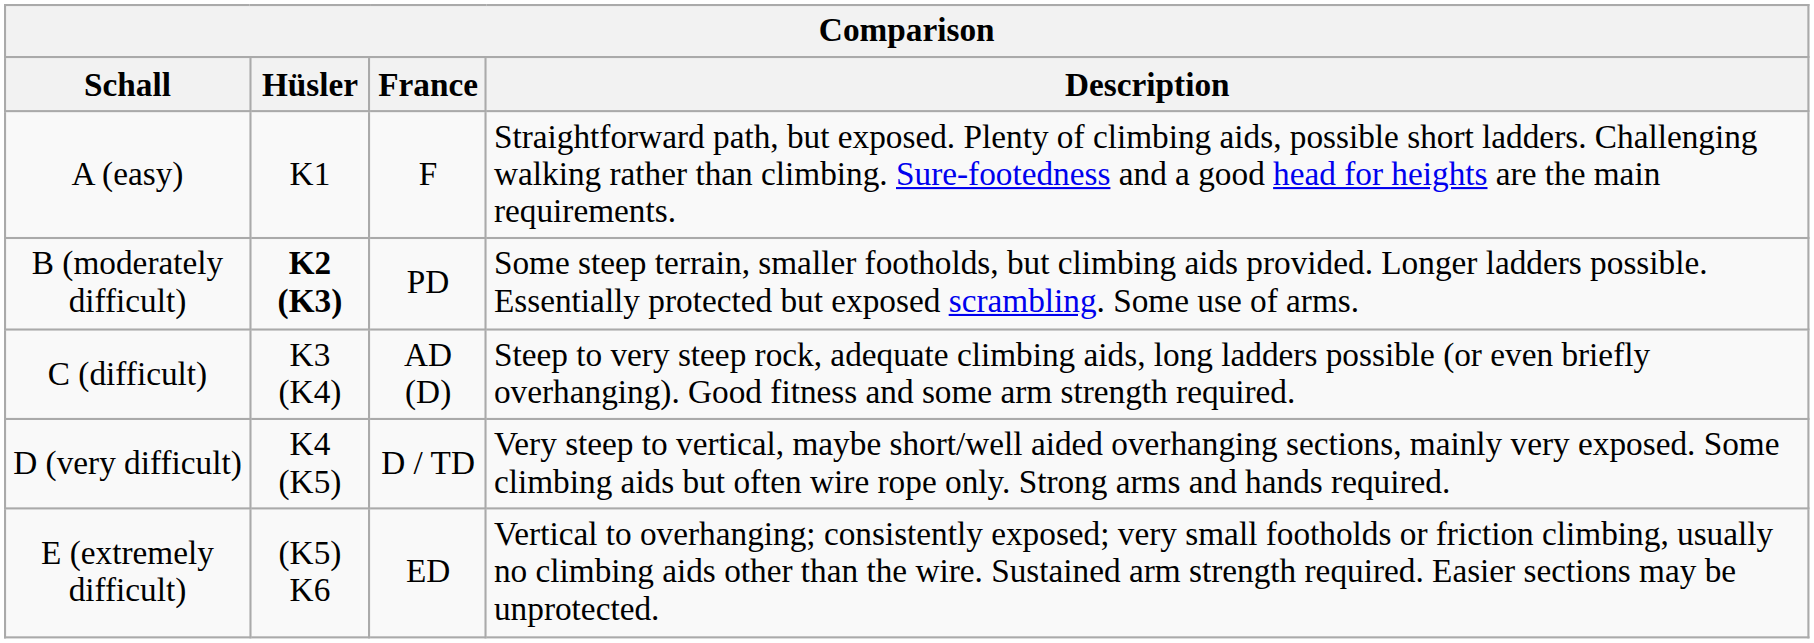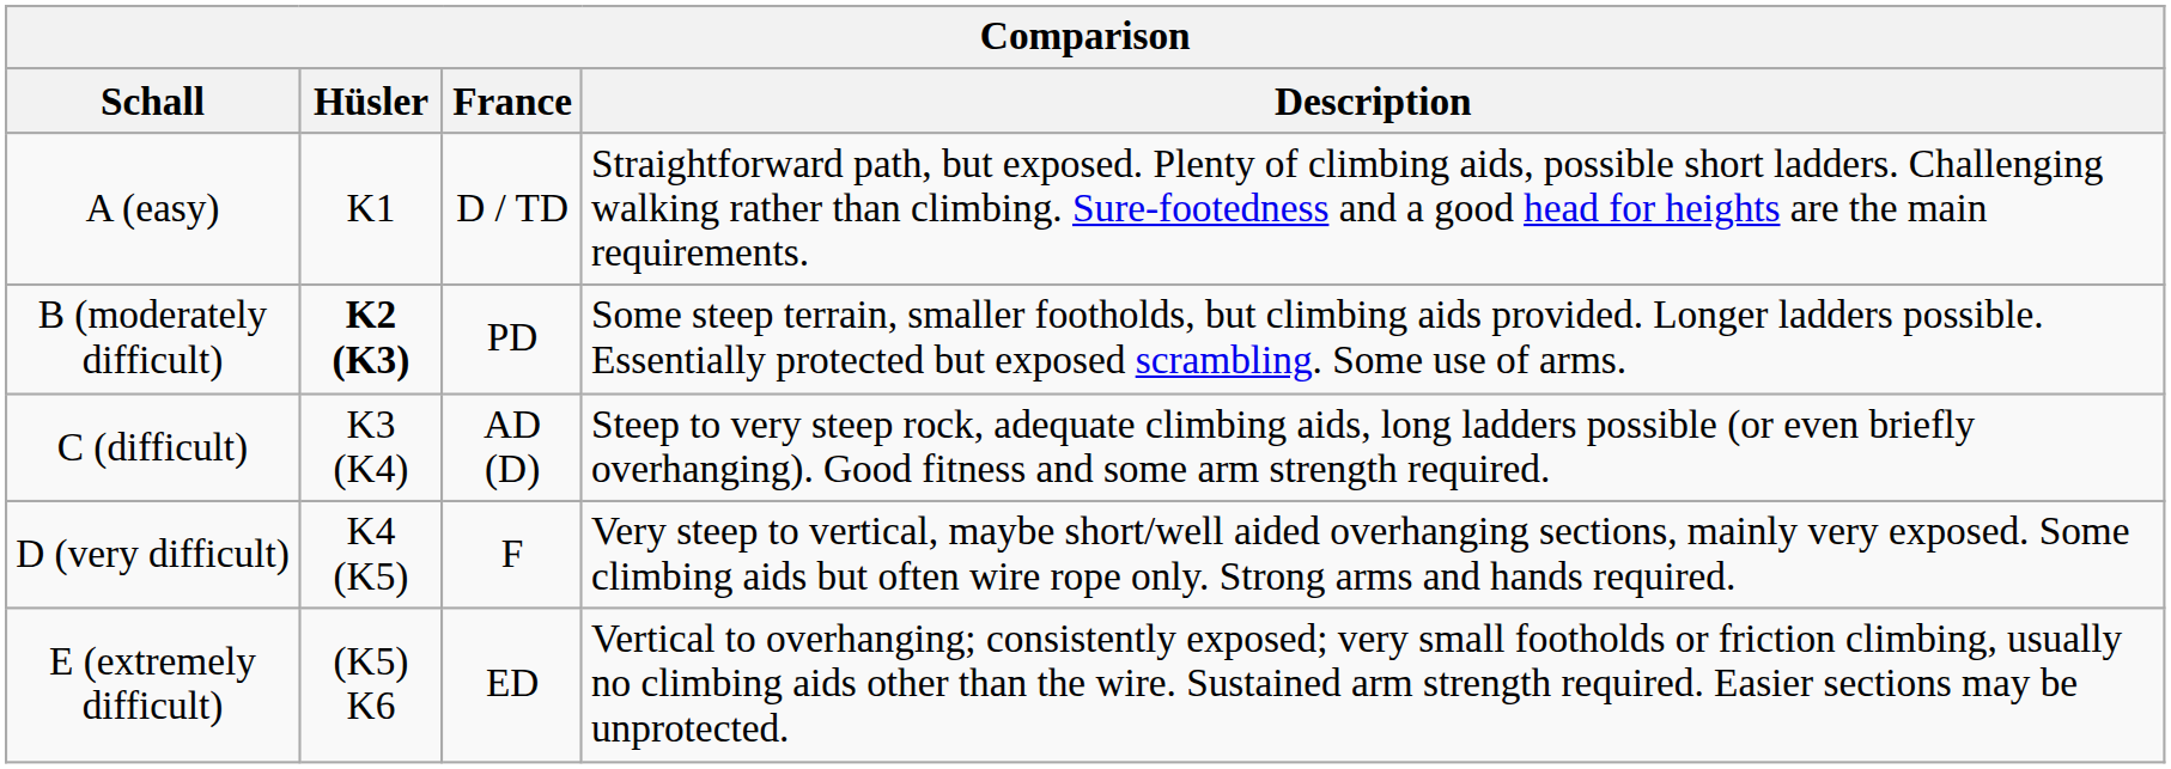 <table class="wikitable zebra" style="text-align:center">
 <tr>
 <th colspan="4">Comparison</th>
 </tr>
 <tr>
 <th>Schall</th>
 <th>Hüsler</th>
 <th>France</th>
 <th>Description</th>
 </tr>
 <tr>
 <td>A (easy)</td>
 <td>K1</td>
-<td>F</td>
+<td>D / TD</td>
 <td style="text-align:left">Straightforward path, but exposed. Plenty of climbing aids, possible short ladders. Challenging walking rather than climbing. <a href='#'>Sure-footedness</a> and a good <a href='#'>head for heights</a> are the main requirements.</td>
 </tr>
 <tr>
 <td>B (moderately difficult)</td>
 <td><strong>K2 (K3)</strong></td>
 <td>PD</td>
 <td style="text-align:left">Some steep terrain, smaller footholds, but climbing aids provided. Longer ladders possible. Essentially protected but exposed <a href='#'>scrambling</a>. Some use of arms.</td>
 </tr>
 <tr>
 <td>C (difficult)</td>
 <td>K3 (K4)</td>
 <td>AD (D)</td>
 <td style="text-align:left">Steep to very steep rock, adequate climbing aids, long ladders possible (or even briefly overhanging). Good fitness and some arm strength required.</td>
 </tr>
 <tr>
 <td>D (very difficult)</td>
 <td>K4 (K5)</td>
-<td>D / TD</td>
+<td>F</td>
 <td style="text-align:left">Very steep to vertical, maybe short/well aided overhanging sections, mainly very exposed. Some climbing aids but often wire rope only. Strong arms and hands required.</td>
 </tr>
 <tr>
 <td>E (extremely difficult)</td>
 <td>(K5) K6</td>
 <td>ED</td>
 <td style="text-align:left">Vertical to overhanging; consistently exposed; very small footholds or friction climbing, usually no climbing aids other than the wire. Sustained arm strength required. Easier sections may be unprotected.</td>
 </tr>
 </table>
